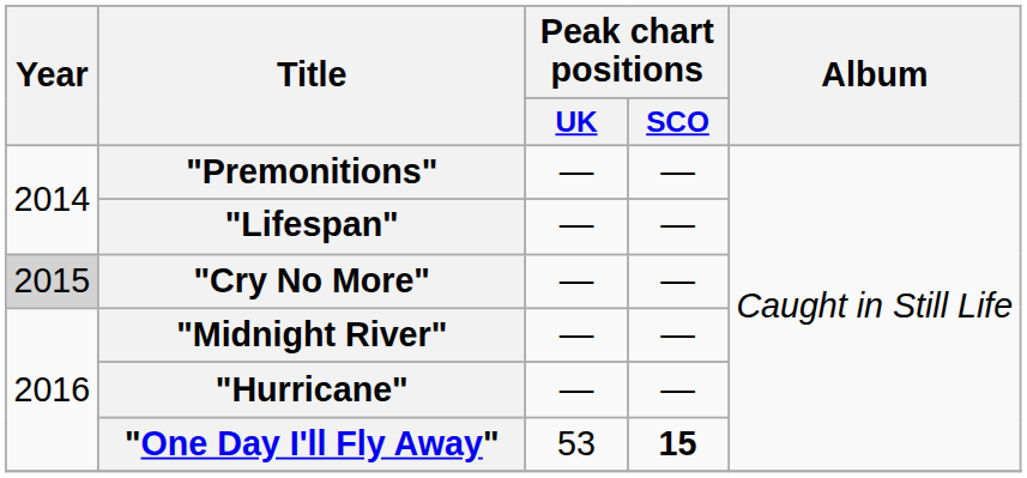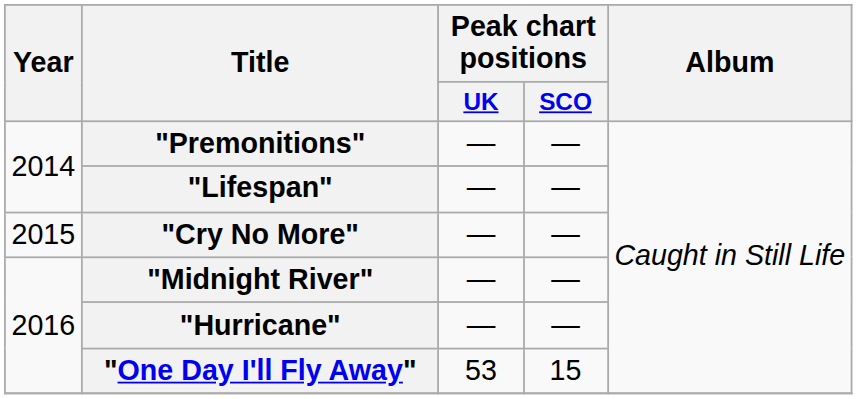 <table class="wikitable plainrowheaders" style="text-align:center;">
 <tr>
 <th scope="col" rowspan="2" style="width:1em;">Year</th>
 <th scope="col" rowspan="2" style="width:12em;">Title</th>
 <th scope="col" colspan="2">Peak chart positions</th>
 <th scope="col" rowspan="2">Album</th>
 </tr>
 <tr>
 <th scope="col" style="width:3em;font-size:85%;"><a href='#'>UK</a><br></th>
 <th scope="col" style="width:3em;font-size:85%;"><a href='#'>SCO</a><br></th>
 </tr>
 <tr>
 <td rowspan="2">2014</td>
 <th scope="row">"Premonitions"</th>
 <td>—</td>
 <td>—</td>
 <td rowspan="6"><em>Caught in Still Life</em></td>
 </tr>
 <tr>
 <th scope="row">"Lifespan"</th>
 <td>—</td>
 <td>—</td>
 </tr>
 <tr>
-<td style="background: lightgrey;">2015</td>
+<td>2015</td>
 <th scope="row">"Cry No More"</th>
 <td>—</td>
 <td>—</td>
 </tr>
 <tr>
 <td rowspan="3">2016</td>
 <th scope="row">"Midnight River"</th>
 <td>—</td>
 <td>—</td>
 </tr>
 <tr>
 <th scope="row">"Hurricane"</th>
 <td>—</td>
 <td>—</td>
 </tr>
 <tr>
 <th scope="row">"<a href='#'>One Day I'll Fly Away</a>"</th>
 <td>53</td>
-<td><strong>15</strong></td>
+<td>15</td>
 </tr>
 <tr>
 </tr>
 </table>
